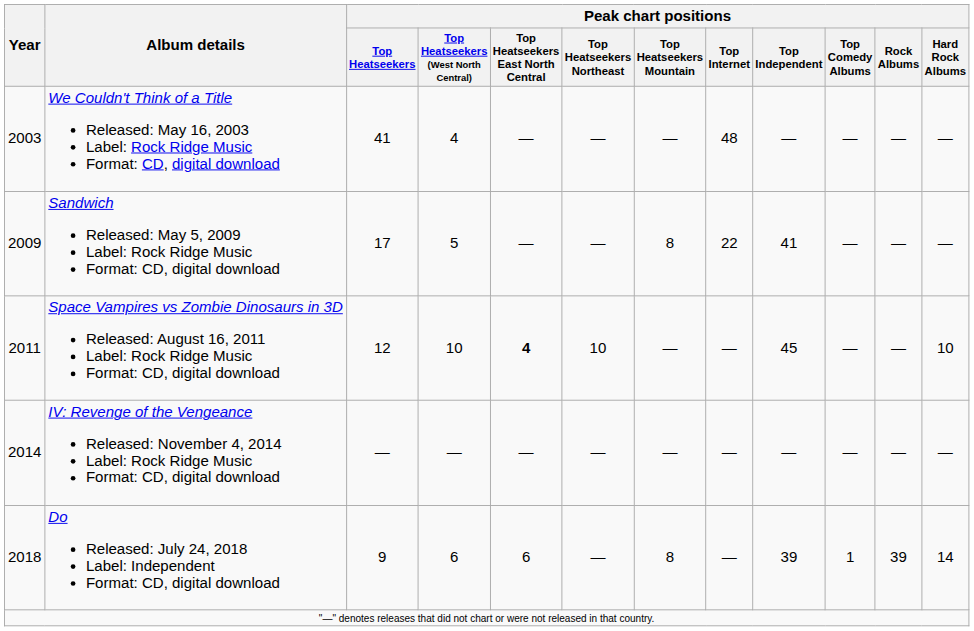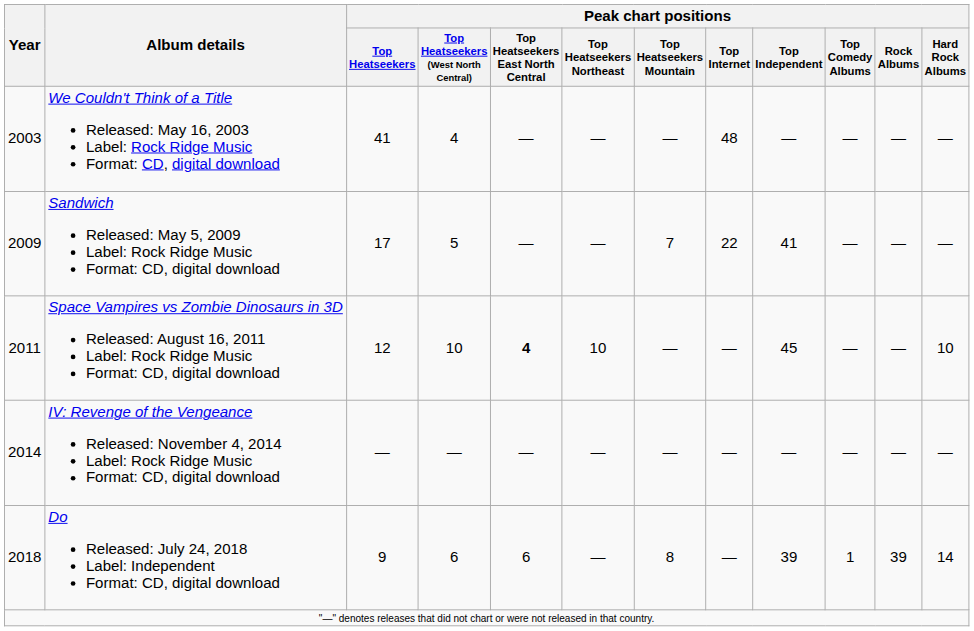 <table class="wikitable" border="1">
 <tr>
 <th rowspan="2">Year</th>
 <th rowspan="2">Album details</th>
 <th colspan="10">Peak chart positions</th>
 </tr>
 <tr>
 <th style="width:3em;font-size:75%;"><a href='#'>Top Heatseekers</a></th>
 <th style="width:3em;font-size:75%;"><a href='#'>Top Heatseekers</a> <small>(West North Central)</small></th>
 <th style="width:3em;font-size:75%;">Top Heatseekers East North Central</th>
 <th style="width:3em;font-size:75%;">Top Heatseekers Northeast</th>
 <th style="width:3em;font-size:75%;">Top Heatseekers Mountain</th>
 <th style="width:3em;font-size:75%;">Top Internet</th>
 <th style="width:3em;font-size:75%;">Top Independent</th>
 <th style="width:3em;font-size:75%;">Top Comedy Albums</th>
 <th style="width:3em;font-size:75%;">Rock Albums</th>
 <th style="width:3em;font-size:75%;">Hard Rock Albums</th>
 </tr>
 <tr>
 <td align="center">2003</td>
 <td><em><a href='#'>We Couldn't Think of a Title</a></em><br><ul><li>Released: May 16, 2003</li><li>Label: <a href='#'>Rock Ridge Music</a></li><li>Format: <a href='#'>CD</a>, <a href='#'>digital download</a></li></ul></td>
 <td align="center">41</td>
 <td align="center">4</td>
 <td align="center">—</td>
 <td align="center">—</td>
 <td align="center">—</td>
 <td align="center">48</td>
 <td align="center">—</td>
 <td align="center">—</td>
 <td align="center">—</td>
 <td align="center">—</td>
 </tr>
 <tr>
 <td align="center">2009</td>
 <td><em><a href='#'>Sandwich</a></em><br><ul><li>Released: May 5, 2009</li><li>Label: Rock Ridge Music</li><li>Format: CD, digital download</li></ul></td>
 <td align="center">17</td>
 <td align="center">5</td>
 <td align="center">—</td>
 <td align="center">—</td>
-<td align="center">8</td>
+<td align="center">7</td>
 <td align="center">22</td>
 <td align="center">41</td>
 <td align="center">—</td>
 <td align="center">—</td>
 <td align="center">—</td>
 </tr>
 <tr>
 <td align="center">2011</td>
 <td><em><a href='#'>Space Vampires vs Zombie Dinosaurs in 3D</a></em><br><ul><li>Released: August 16, 2011</li><li>Label: Rock Ridge Music</li><li>Format: CD, digital download</li></ul></td>
 <td align="center">12</td>
 <td align="center">10</td>
 <td align="center"><strong>4</strong></td>
 <td align="center">10</td>
 <td align="center">—</td>
 <td align="center">—</td>
 <td align="center">45</td>
 <td align="center">—</td>
 <td align="center">—</td>
 <td align="center">10</td>
 </tr>
 <tr>
 <td align="center">2014</td>
 <td><em><a href='#'>IV: Revenge of the Vengeance</a></em><br><ul><li>Released: November 4, 2014</li><li>Label: Rock Ridge Music</li><li>Format: CD, digital download</li></ul></td>
 <td align="center">—</td>
 <td align="center">—</td>
 <td align="center">—</td>
 <td align="center">—</td>
 <td align="center">—</td>
 <td align="center">—</td>
 <td align="center">—</td>
 <td align="center">—</td>
 <td align="center">—</td>
 <td align="center">—</td>
 </tr>
 <tr>
 <td align="center">2018</td>
 <td><em><a href='#'>Do</a></em><br><ul><li>Released: July 24, 2018</li><li>Label: Independent</li><li>Format: CD, digital download</li></ul></td>
 <td align="center">9</td>
 <td align="center">6</td>
 <td align="center">6</td>
 <td align="center">—</td>
 <td align="center">8</td>
 <td align="center">—</td>
 <td align="center">39</td>
 <td align="center">1</td>
 <td align="center">39</td>
 <td align="center">14</td>
 </tr>
 <tr>
 <td align="center" colspan="13" style="font-size: 8pt">"—" denotes releases that did not chart or were not released in that country.</td>
 </tr>
 </table>
